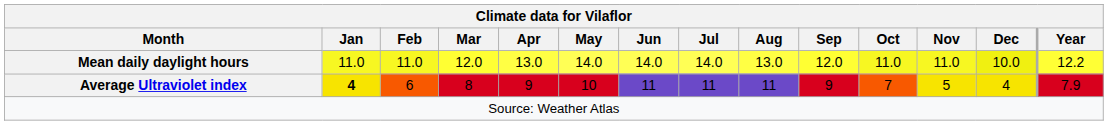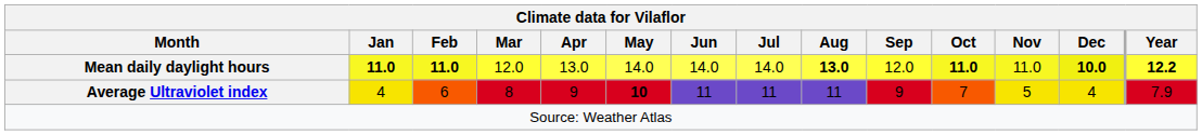 <table style="width:100%;text-align:center;font-size:100%;line-height:1.2em;margin-left:auto;margin-right:auto" class="wikitable mw-collapsible">
 <tr>
 <th Colspan=14>Climate data for Vilaflor</th>
 </tr>
 <tr>
 <th>Month</th>
 <th>Jan</th>
 <th>Feb</th>
 <th>Mar</th>
 <th>Apr</th>
 <th>May</th>
 <th>Jun</th>
 <th>Jul</th>
 <th>Aug</th>
 <th>Sep</th>
 <th>Oct</th>
 <th>Nov</th>
 <th>Dec</th>
 <th style="border-left-width:medium">Year</th>
 </tr>
 <tr>
 <th>Mean daily daylight hours</th>
-<td style="background:#F7F722;color:#000000;">11.0</td>
-<td style="background:#F7F722;color:#000000;">11.0</td>
+<td style="background:#F7F722;color:#000000;"><strong>11.0</strong></td>
+<td style="background:#F7F722;color:#000000;"><strong>11.0</strong></td>
 <td style="background:#FFFF33;color:#000000;">12.0</td>
 <td style="background:#FFFF44;color:#000000;">13.0</td>
 <td style="background:#FFFF55;color:#000000;">14.0</td>
 <td style="background:#FFFF55;color:#000000;">14.0</td>
 <td style="background:#FFFF55;color:#000000;">14.0</td>
-<td style="background:#FFFF44;color:#000000;">13.0</td>
+<td style="background:#FFFF44;color:#000000;"><strong>13.0</strong></td>
 <td style="background:#FFFF33;color:#000000;">12.0</td>
+<td style="background:#F7F722;color:#000000;"><strong>11.0</strong></td>
 <td style="background:#F7F722;color:#000000;">11.0</td>
-<td style="background:#F7F722;color:#000000;">11.0</td>
-<td style="background:#F0F011;color:#000000;">10.0</td>
-<td style="background:#FFFF35;color:#000000;border-left-width:medium">12.2</td>
+<td style="background:#F0F011;color:#000000;"><strong>10.0</strong></td>
+<td style="background:#FFFF35;color:#000000;border-left-width:medium"><strong>12.2</strong></td>
 </tr>
 <tr>
 <th>Average <a href='#'>Ultraviolet index</a></th>
-<td style="background:#f7e400;color:#000000;"><strong>4</strong></td>
+<td style="background:#f7e400;color:#000000;">4</td>
 <td style="background:#f85900;color:#000000;">6</td>
 <td style="background:#d8001d;color:#000000;">8</td>
 <td style="background:#d8001d;color:#000000;">9</td>
-<td style="background:#d8001d;color:#000000;">10</td>
+<td style="background:#d8001d;color:#000000;"><strong>10</strong></td>
 <td style="background:#6b49c8;color:#000000;">11</td>
 <td style="background:#6b49c8;color:#000000;">11</td>
 <td style="background:#6b49c8;color:#000000;">11</td>
 <td style="background:#d8001d;color:#000000;">9</td>
 <td style="background:#f85900;color:#000000;">7</td>
 <td style="background:#f7e400;color:#000000;">5</td>
 <td style="background:#f7e400;color:#000000;">4</td>
 <td style="background:#d8001d;color:#000000;border-left-width:medium">7.9</td>
 </tr>
 <tr>
 <th Colspan=14 style="background:#f8f9fa;font-weight:normal;font-size:95%;">Source: Weather Atlas</th>
 </tr>
 </table>
